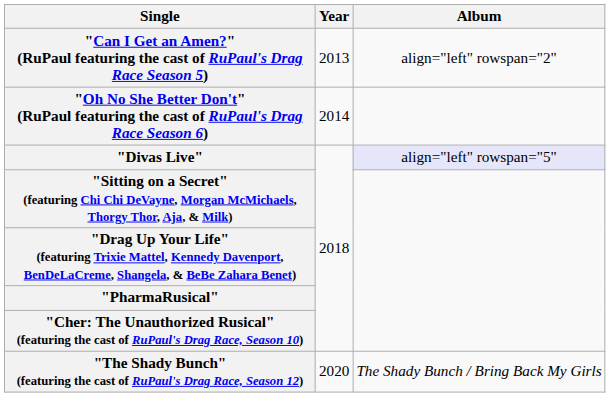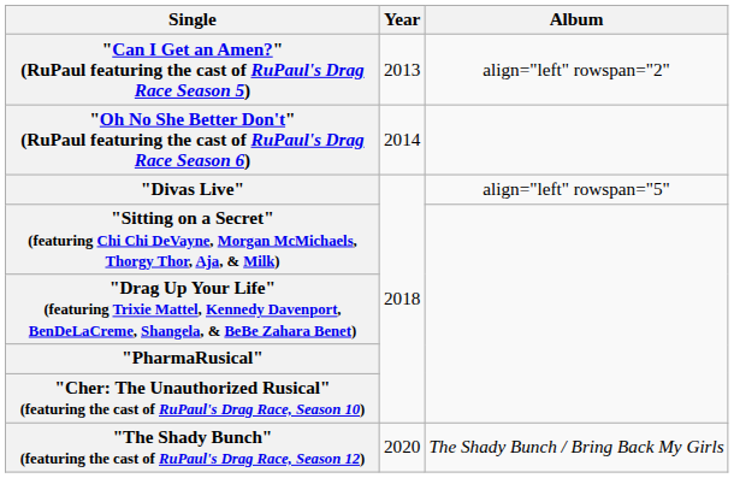 <table class="wikitable plainrowheaders" style="text-align:center;">
 <tr>
 <th style="width:20em;">Single</th>
 <th>Year</th>
 <th>Album</th>
 </tr>
 <tr>
 <th scope="row">"<a href='#'>Can I Get an Amen?</a>"<br><span>(RuPaul featuring the cast of <em><a href='#'>RuPaul's Drag Race Season 5</a></em>)</span></th>
 <td>2013</td>
 <td>align="left" rowspan="2" </td>
 </tr>
 <tr>
 <th scope="row">"<a href='#'>Oh No She Better Don't</a>"<br><span>(RuPaul featuring the cast of <em><a href='#'>RuPaul's Drag Race Season 6</a></em>)</span></th>
 <td>2014</td>
 </tr>
 <tr>
 <th scope="row">"Divas Live"</th>
 <td rowspan="5">2018</td>
-<td style="background: lavender;">align="left" rowspan="5" </td>
+<td>align="left" rowspan="5" </td>
 </tr>
 <tr>
 <th scope="row">"Sitting on a Secret"<br><small>(featuring <a href='#'>Chi Chi DeVayne</a>, <a href='#'>Morgan McMichaels</a>, <a href='#'>Thorgy Thor</a>, <a href='#'>Aja</a>, & <a href='#'>Milk</a>)</small></th>
 </tr>
 <tr>
 <th scope="row">"Drag Up Your Life"<br><small>(featuring <a href='#'>Trixie Mattel</a>, <a href='#'>Kennedy Davenport</a>, <a href='#'>BenDeLaCreme</a>, <a href='#'>Shangela</a>, & <a href='#'>BeBe Zahara Benet</a>)</small></th>
 </tr>
 <tr>
 <th scope="row">"PharmaRusical"</th>
 </tr>
 <tr>
 <th scope="row">"Cher: The Unauthorized Rusical"<br><small>(featuring the cast of <em><a href='#'>RuPaul's Drag Race, Season 10</a></em>)</small></th>
 </tr>
 <tr>
 <th scope="row">"The Shady Bunch"<br><small>(featuring the cast of <em><a href='#'>RuPaul's Drag Race, Season 12</a></em>)</small></th>
 <td>2020</td>
 <td><em>The Shady Bunch / Bring Back My Girls</em></td>
 </tr>
 </table>
